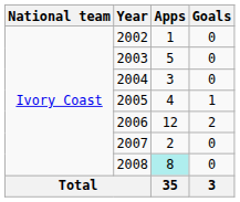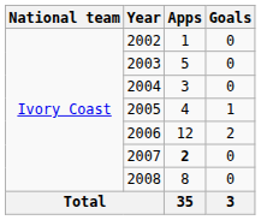 <table class="wikitable" style="text-align:center">
 <tr>
 <th>National team</th>
 <th>Year</th>
 <th>Apps</th>
 <th>Goals</th>
 </tr>
 <tr>
 <td rowspan="7"><a href='#'>Ivory Coast</a></td>
 <td>2002</td>
 <td>1</td>
 <td>0</td>
 </tr>
 <tr>
 <td>2003</td>
 <td>5</td>
 <td>0</td>
 </tr>
 <tr>
 <td>2004</td>
 <td>3</td>
 <td>0</td>
 </tr>
 <tr>
 <td>2005</td>
 <td>4</td>
 <td>1</td>
 </tr>
 <tr>
 <td>2006</td>
 <td>12</td>
 <td>2</td>
 </tr>
 <tr>
 <td>2007</td>
-<td>2</td>
+<td><strong>2</strong></td>
 <td>0</td>
 </tr>
 <tr>
 <td>2008</td>
-<td style="background: paleturquoise;">8</td>
+<td>8</td>
 <td>0</td>
 </tr>
 <tr>
 <th colspan="2">Total</th>
 <th>35</th>
 <th>3</th>
 </tr>
 </table>
